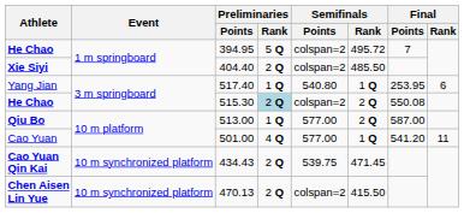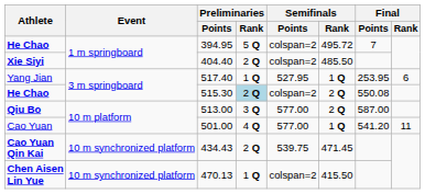 <table class=wikitable style="font-size:90%;">
 <tr>
 <th rowspan="2">Athlete</th>
 <th rowspan="2">Event</th>
 <th colspan="2">Preliminaries</th>
 <th colspan="2">Semifinals</th>
 <th colspan="2">Final</th>
 </tr>
 <tr style="font-size:95%">
 <th>Points</th>
 <th>Rank</th>
 <th>Points</th>
 <th>Rank</th>
 <th>Points</th>
 <th>Rank</th>
 </tr>
 <tr align=center>
 <td align=left><strong><a href='#'>He Chao</a></strong></td>
 <td align=left rowspan=2><a href='#'>1 m springboard</a></td>
 <td>394.95</td>
 <td>5 <strong>Q</strong></td>
 <td>colspan=2 </td>
 <td>495.72</td>
 <td>7</td>
 </tr>
 <tr align=center>
 <td align=left><strong><a href='#'>Xie Siyi</a></strong></td>
 <td>404.40</td>
 <td>2 <strong>Q</strong></td>
 <td>colspan=2 </td>
 <td>485.50</td>
 <td></td>
 </tr>
 <tr align=center>
 <td align=left><a href='#'>Yang Jian</a></td>
 <td align=left rowspan=2><a href='#'>3 m springboard</a></td>
 <td>517.40</td>
 <td>1 <strong>Q</strong></td>
-<td>540.80</td>
+<td>527.95</td>
 <td>1 <strong>Q</strong></td>
 <td>253.95</td>
 <td>6</td>
 </tr>
 <tr align=center>
 <td align=left><strong><a href='#'>He Chao</a></strong></td>
 <td>515.30</td>
 <td style="background: lightblue;">2 <strong>Q</strong></td>
 <td>colspan=2 </td>
 <td>2 <strong>Q</strong></td>
 <td>550.08</td>
 <td></td>
 </tr>
 <tr align=center>
 <td align=left><strong><a href='#'>Qiu Bo</a></strong></td>
 <td align=left rowspan=2><a href='#'>10 m platform</a></td>
 <td>513.00</td>
-<td>1 <strong>Q</strong></td>
+<td>3 <strong>Q</strong></td>
 <td>577.00</td>
 <td>2 <strong>Q</strong></td>
 <td>587.00</td>
 <td></td>
 </tr>
 <tr align=center>
 <td align=left><a href='#'>Cao Yuan</a></td>
 <td>501.00</td>
 <td>4 <strong>Q</strong></td>
 <td>577.00</td>
 <td>1 <strong>Q</strong></td>
 <td>541.20</td>
 <td>11</td>
 </tr>
 <tr align=center>
 <td align=left><strong><a href='#'>Cao Yuan</a><br><a href='#'>Qin Kai</a></strong></td>
 <td align=left><a href='#'>10 m synchronized platform</a></td>
 <td>434.43</td>
 <td>2 <strong>Q</strong></td>
 <td>539.75</td>
 <td>471.45</td>
 <td></td>
 </tr>
 <tr align=center>
 <td align=left><strong><a href='#'>Chen Aisen</a><br><a href='#'>Lin Yue</a></strong></td>
 <td align=left><a href='#'>10 m synchronized platform</a></td>
 <td>470.13</td>
-<td>2 <strong>Q</strong></td>
+<td>1 <strong>Q</strong></td>
 <td>colspan=2 </td>
 <td>415.50</td>
 <td></td>
 </tr>
 </table>
